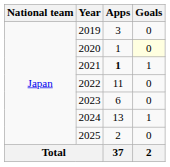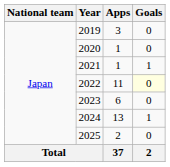 <table class="wikitable" style="text-align: center;">
 <tr>
 <th>National team</th>
 <th>Year</th>
 <th>Apps</th>
 <th>Goals</th>
 </tr>
 <tr>
 <td rowspan="7"><a href='#'>Japan</a></td>
 <td>2019</td>
 <td>3</td>
 <td>0</td>
 </tr>
 <tr>
 <td>2020</td>
 <td>1</td>
-<td style="background: lightyellow;">0</td>
+<td>0</td>
 </tr>
 <tr>
 <td>2021</td>
-<td><strong>1</strong></td>
+<td>1</td>
 <td>1</td>
 </tr>
 <tr>
 <td>2022</td>
 <td>11</td>
-<td>0</td>
+<td style="background: lightyellow;">0</td>
 </tr>
 <tr>
 <td>2023</td>
 <td>6</td>
 <td>0</td>
 </tr>
 <tr>
 <td>2024</td>
 <td>13</td>
 <td>1</td>
 </tr>
 <tr>
 <td>2025</td>
 <td>2</td>
 <td>0</td>
 </tr>
 <tr>
 <th colspan="2">Total</th>
 <th>37</th>
 <th>2</th>
 </tr>
 </table>
